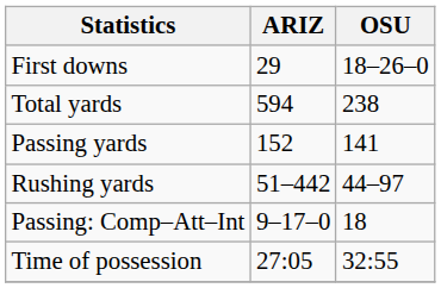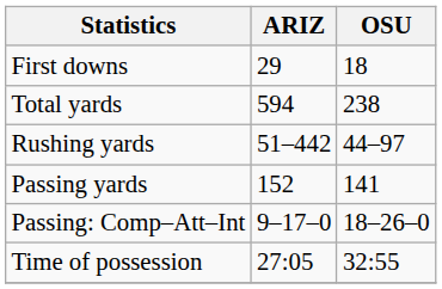 <table class="wikitable" style="float: left;">
 <tr>
 <th>Statistics</th>
 <th>ARIZ</th>
 <th>OSU</th>
 </tr>
 <tr>
 <td>First downs</td>
 <td>29</td>
-<td>18–26–0</td>
+<td>18</td>
 </tr>
 <tr>
 <td>Total yards</td>
 <td>594</td>
 <td>238</td>
 </tr>
 <tr>
+<td>Rushing yards</td>
+<td>51–442</td>
+<td>44–97</td>
+</tr>
+<tr>
 <td>Passing yards</td>
 <td>152</td>
 <td>141</td>
 </tr>
 <tr>
-<td>Rushing yards</td>
-<td>51–442</td>
-<td>44–97</td>
-</tr>
-<tr>
 <td>Passing: Comp–Att–Int</td>
 <td>9–17–0</td>
-<td>18</td>
+<td>18–26–0</td>
 </tr>
 <tr>
 <td>Time of possession</td>
 <td>27:05</td>
 <td>32:55</td>
 </tr>
 <tr>
 </tr>
 </table>
